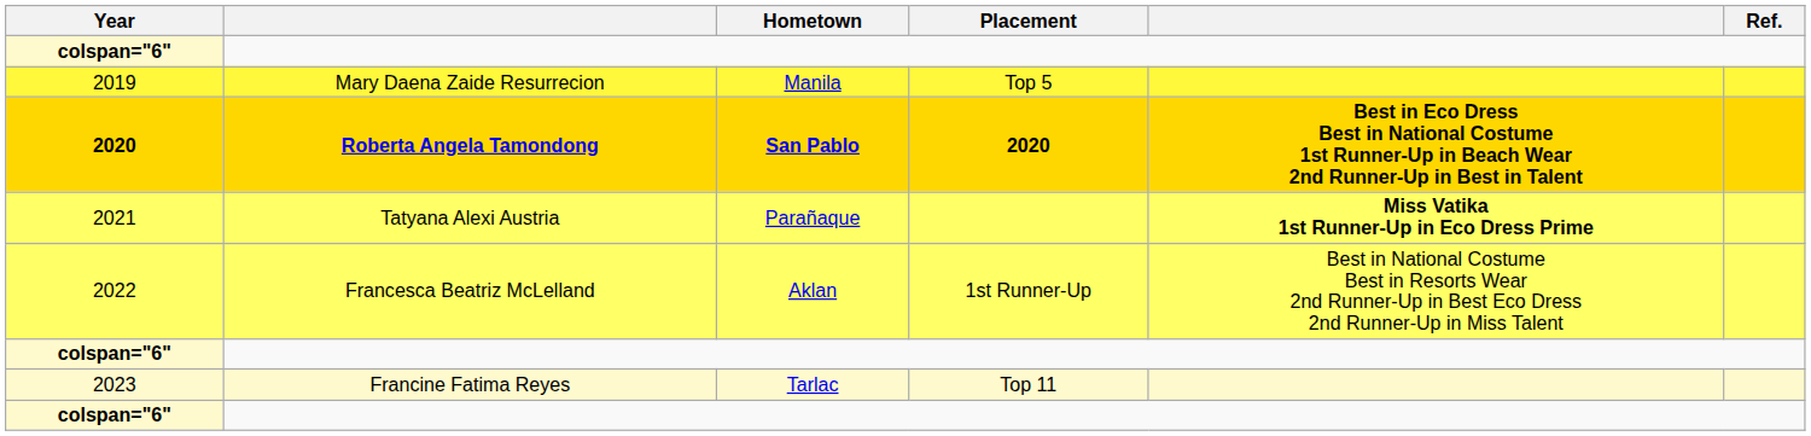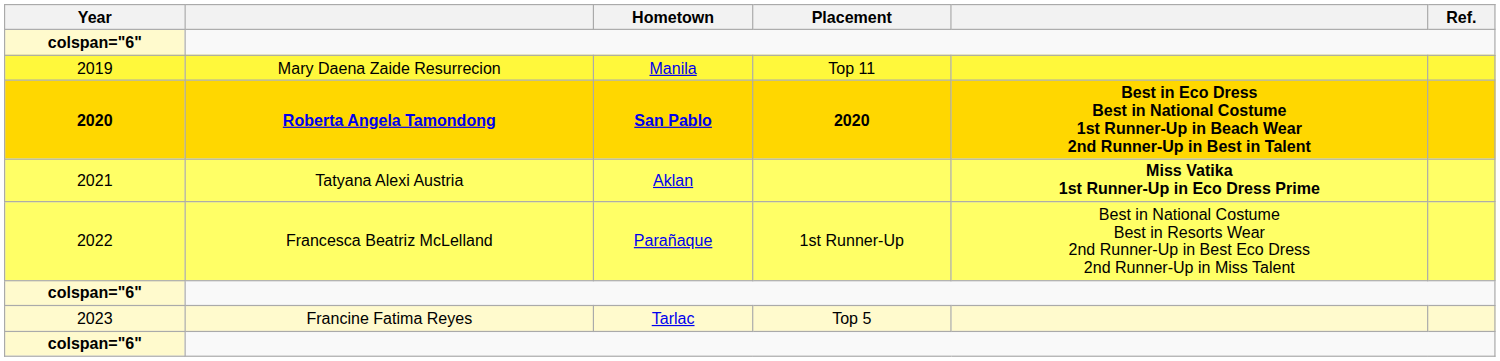 <table class="wikitable sortable" style="font-size: 85%; text-align:center; width:100%;">
 <tr>
 <th>Year</th>
 <th></th>
 <th>Hometown</th>
 <th>Placement</th>
 <th></th>
 <th>Ref.</th>
 </tr>
 <tr style="background-color:#FFFACD; font-weight: bold">
 <td>colspan="6" </td>
 </tr>
 <tr style="background-color:#FFF83B;">
 <td>2019</td>
 <td>Mary Daena Zaide Resurrecion</td>
 <td><a href='#'>Manila</a></td>
-<td>Top 5</td>
+<td>Top 11</td>
 <td></td>
 <td></td>
 </tr>
 <tr style="background-color:gold; font-weight: bold">
 <td>2020</td>
 <td><a href='#'>Roberta Angela Tamondong</a></td>
 <td><a href='#'>San Pablo</a></td>
 <td> 2020</td>
 <td>Best in Eco Dress <br> Best in National Costume <br> 1st Runner-Up in Beach Wear <br> 2nd Runner-Up in Best in Talent</td>
 <td></td>
 </tr>
 <tr bgcolor="#FFFF66">
 <td>2021</td>
 <td>Tatyana Alexi Austria</td>
-<td><a href='#'>Parañaque</a></td>
+<td><a href='#'>Aklan</a></td>
 <td></td>
 <td><strong>Miss Vatika <br> 1st Runner-Up in Eco Dress Prime</strong></td>
 <td></td>
 </tr>
 <tr bgcolor="#FFFF66">
 <td>2022</td>
 <td>Francesca Beatriz McLelland</td>
-<td><a href='#'>Aklan</a></td>
+<td><a href='#'>Parañaque</a></td>
 <td>1st Runner-Up</td>
 <td>Best in National Costume <br> Best in Resorts Wear <br> 2nd Runner-Up in Best Eco Dress <br> 2nd Runner-Up in Miss Talent</td>
 <td></td>
 </tr>
 <tr style="background-color:#FFFACD; font-weight: bold">
 <td>colspan="6" </td>
 </tr>
 <tr style="background-color:#FFFACD">
 <td>2023</td>
 <td>Francine Fatima Reyes</td>
 <td><a href='#'>Tarlac</a></td>
-<td>Top 11</td>
+<td>Top 5</td>
 <td></td>
 <td></td>
 </tr>
 <tr style="background-color:#FFFACD; font-weight: bold">
 <td>colspan="6" </td>
 </tr>
 </table>
